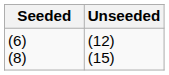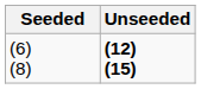 <table class="wikitable">
 <tr>
 <th width=50%>Seeded</th>
 <th width=50%>Unseeded</th>
 </tr>
 <tr>
 <td> (6)<br> (8)</td>
-<td> (12)<br> (15)</td>
+<td><strong> (12)<br> (15)</strong></td>
 </tr>
 </table>
